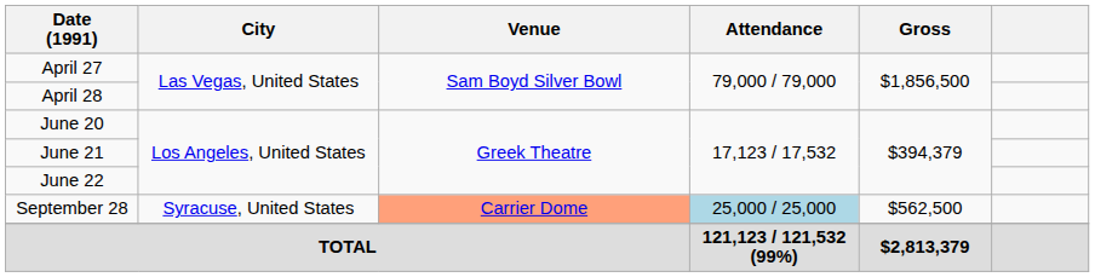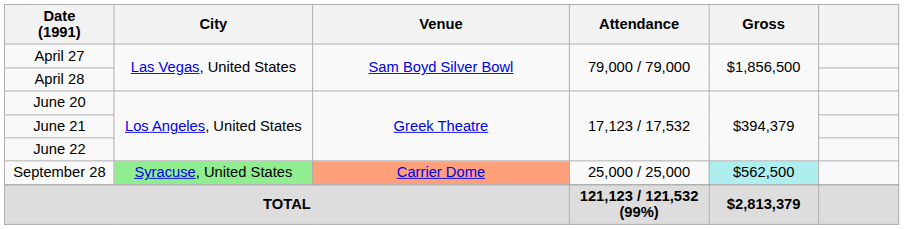 <table class="wikitable sortable plainrowheaders" style="text-align:center;">
 <tr>
 <th scope="col" style="width:7em;">Date<br>(1991)</th>
 <th scope="col" style="width:13em;">City</th>
 <th scope="col" style="width:17em;">Venue</th>
 <th scope="col" style="width:9em;">Attendance</th>
 <th scope="col" style="width:7em;">Gross</th>
 <th scope="col" style="width:5em;" class="unsortable"></th>
 </tr>
 <tr>
 <td>April 27</td>
 <td rowspan="2"><a href='#'>Las Vegas</a>, United States</td>
 <td rowspan="2"><a href='#'>Sam Boyd Silver Bowl</a></td>
 <td rowspan="2">79,000 / 79,000</td>
 <td rowspan="2">$1,856,500</td>
 <td></td>
 </tr>
 <tr>
 <td>April 28</td>
 <td></td>
 </tr>
 <tr>
 <td>June 20</td>
 <td rowspan="3"><a href='#'>Los Angeles</a>, United States</td>
 <td rowspan="3"><a href='#'>Greek Theatre</a></td>
 <td rowspan="3">17,123 / 17,532</td>
 <td rowspan="3">$394,379</td>
 <td></td>
 </tr>
 <tr>
 <td>June 21</td>
 <td></td>
 </tr>
 <tr>
 <td>June 22</td>
 <td></td>
 </tr>
 <tr>
 <td>September 28</td>
-<td><a href='#'>Syracuse</a>, United States</td>
+<td style="background: lightgreen;"><a href='#'>Syracuse</a>, United States</td>
 <td style="background: lightsalmon;"><a href='#'>Carrier Dome</a></td>
-<td style="background: lightblue;">25,000 / 25,000</td>
-<td>$562,500</td>
+<td>25,000 / 25,000</td>
+<td style="background: paleturquoise;">$562,500</td>
 <td></td>
 </tr>
 <tr>
 </tr>
 <tr style="background:#ddd;">
 <td colspan="3"><strong>TOTAL</strong></td>
 <td><strong>121,123 / 121,532 (99%)</strong></td>
 <td><strong>$2,813,379</strong></td>
 <td></td>
 </tr>
 </table>
